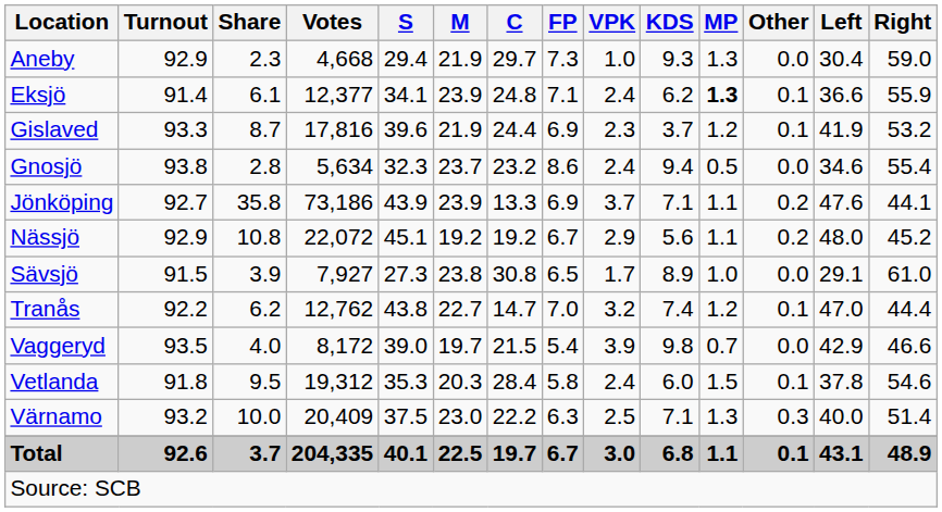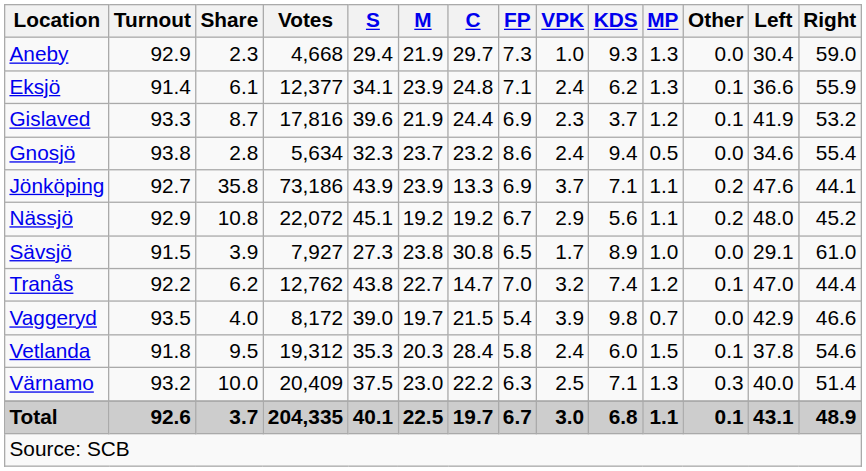 <table class="wikitable sortable" style=text-align:right>
 <tr>
 <th>Location</th>
 <th>Turnout</th>
 <th>Share</th>
 <th>Votes</th>
 <th><a href='#'>S</a></th>
 <th><a href='#'>M</a></th>
 <th><a href='#'>C</a></th>
 <th><a href='#'>FP</a></th>
 <th><a href='#'>VPK</a></th>
 <th><a href='#'>KDS</a></th>
 <th><a href='#'>MP</a></th>
 <th>Other</th>
 <th>Left</th>
 <th>Right</th>
 </tr>
 <tr>
 <td align=left><a href='#'>Aneby</a></td>
 <td>92.9</td>
 <td>2.3</td>
 <td>4,668</td>
 <td>29.4</td>
 <td>21.9</td>
 <td>29.7</td>
 <td>7.3</td>
 <td>1.0</td>
 <td>9.3</td>
 <td>1.3</td>
 <td>0.0</td>
 <td>30.4</td>
 <td>59.0</td>
 </tr>
 <tr>
 <td align=left><a href='#'>Eksjö</a></td>
 <td>91.4</td>
 <td>6.1</td>
 <td>12,377</td>
 <td>34.1</td>
 <td>23.9</td>
 <td>24.8</td>
 <td>7.1</td>
 <td>2.4</td>
 <td>6.2</td>
-<td><strong>1.3</strong></td>
+<td>1.3</td>
 <td>0.1</td>
 <td>36.6</td>
 <td>55.9</td>
 </tr>
 <tr>
 <td align=left><a href='#'>Gislaved</a></td>
 <td>93.3</td>
 <td>8.7</td>
 <td>17,816</td>
 <td>39.6</td>
 <td>21.9</td>
 <td>24.4</td>
 <td>6.9</td>
 <td>2.3</td>
 <td>3.7</td>
 <td>1.2</td>
 <td>0.1</td>
 <td>41.9</td>
 <td>53.2</td>
 </tr>
 <tr>
 <td align=left><a href='#'>Gnosjö</a></td>
 <td>93.8</td>
 <td>2.8</td>
 <td>5,634</td>
 <td>32.3</td>
 <td>23.7</td>
 <td>23.2</td>
 <td>8.6</td>
 <td>2.4</td>
 <td>9.4</td>
 <td>0.5</td>
 <td>0.0</td>
 <td>34.6</td>
 <td>55.4</td>
 </tr>
 <tr>
 <td align=left><a href='#'>Jönköping</a></td>
 <td>92.7</td>
 <td>35.8</td>
 <td>73,186</td>
 <td>43.9</td>
 <td>23.9</td>
 <td>13.3</td>
 <td>6.9</td>
 <td>3.7</td>
 <td>7.1</td>
 <td>1.1</td>
 <td>0.2</td>
 <td>47.6</td>
 <td>44.1</td>
 </tr>
 <tr>
 <td align=left><a href='#'>Nässjö</a></td>
 <td>92.9</td>
 <td>10.8</td>
 <td>22,072</td>
 <td>45.1</td>
 <td>19.2</td>
 <td>19.2</td>
 <td>6.7</td>
 <td>2.9</td>
 <td>5.6</td>
 <td>1.1</td>
 <td>0.2</td>
 <td>48.0</td>
 <td>45.2</td>
 </tr>
 <tr>
 <td align=left><a href='#'>Sävsjö</a></td>
 <td>91.5</td>
 <td>3.9</td>
 <td>7,927</td>
 <td>27.3</td>
 <td>23.8</td>
 <td>30.8</td>
 <td>6.5</td>
 <td>1.7</td>
 <td>8.9</td>
 <td>1.0</td>
 <td>0.0</td>
 <td>29.1</td>
 <td>61.0</td>
 </tr>
 <tr>
 <td align=left><a href='#'>Tranås</a></td>
 <td>92.2</td>
 <td>6.2</td>
 <td>12,762</td>
 <td>43.8</td>
 <td>22.7</td>
 <td>14.7</td>
 <td>7.0</td>
 <td>3.2</td>
 <td>7.4</td>
 <td>1.2</td>
 <td>0.1</td>
 <td>47.0</td>
 <td>44.4</td>
 </tr>
 <tr>
 <td align=left><a href='#'>Vaggeryd</a></td>
 <td>93.5</td>
 <td>4.0</td>
 <td>8,172</td>
 <td>39.0</td>
 <td>19.7</td>
 <td>21.5</td>
 <td>5.4</td>
 <td>3.9</td>
 <td>9.8</td>
 <td>0.7</td>
 <td>0.0</td>
 <td>42.9</td>
 <td>46.6</td>
 </tr>
 <tr>
 <td align=left><a href='#'>Vetlanda</a></td>
 <td>91.8</td>
 <td>9.5</td>
 <td>19,312</td>
 <td>35.3</td>
 <td>20.3</td>
 <td>28.4</td>
 <td>5.8</td>
 <td>2.4</td>
 <td>6.0</td>
 <td>1.5</td>
 <td>0.1</td>
 <td>37.8</td>
 <td>54.6</td>
 </tr>
 <tr>
 <td align=left><a href='#'>Värnamo</a></td>
 <td>93.2</td>
 <td>10.0</td>
 <td>20,409</td>
 <td>37.5</td>
 <td>23.0</td>
 <td>22.2</td>
 <td>6.3</td>
 <td>2.5</td>
 <td>7.1</td>
 <td>1.3</td>
 <td>0.3</td>
 <td>40.0</td>
 <td>51.4</td>
 </tr>
 <tr>
 </tr>
 <tr style="background:#CDCDCD;">
 <td align=left><strong>Total</strong></td>
 <td><strong>92.6</strong></td>
 <td><strong>3.7</strong></td>
 <td><strong>204,335</strong></td>
 <td><strong>40.1</strong></td>
 <td><strong>22.5</strong></td>
 <td><strong>19.7</strong></td>
 <td><strong>6.7</strong></td>
 <td><strong>3.0</strong></td>
 <td><strong>6.8</strong></td>
 <td><strong>1.1</strong></td>
 <td><strong>0.1</strong></td>
 <td><strong>43.1</strong></td>
 <td><strong>48.9</strong></td>
 </tr>
 <tr>
 <td align=left colspan=14>Source: SCB </td>
 </tr>
 </table>
